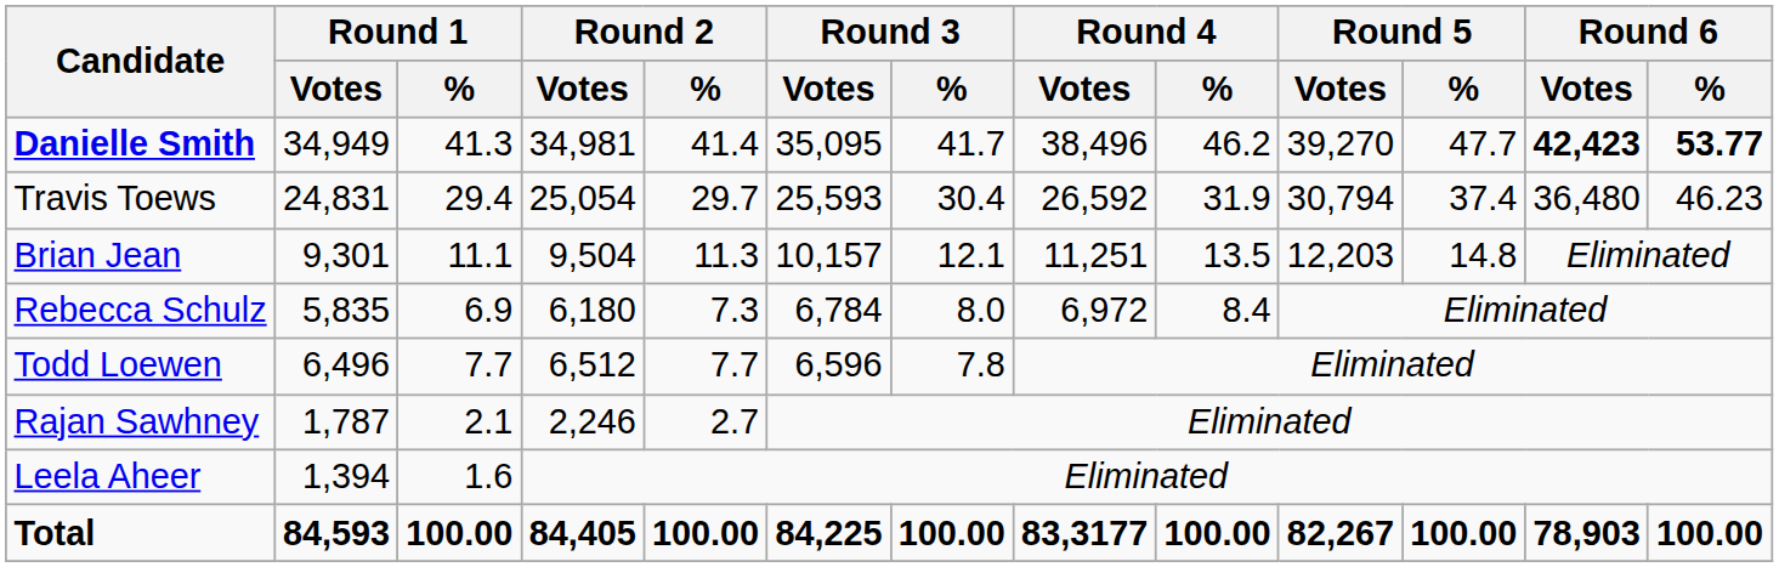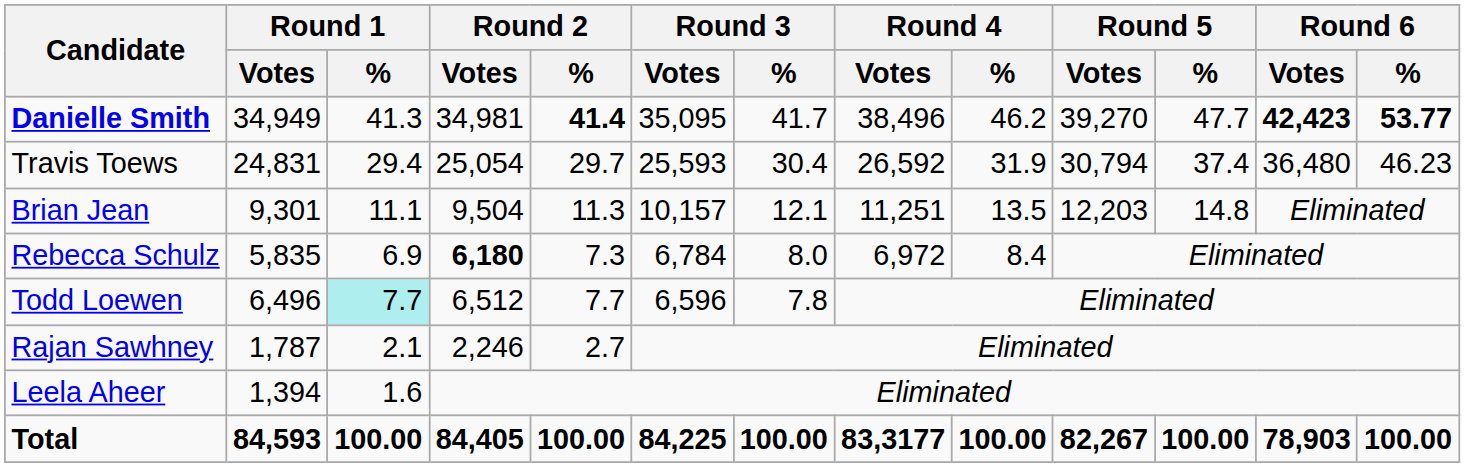 <table class="wikitable">
 <tr>
 <th rowspan=2>Candidate</th>
 <th colspan=2>Round 1</th>
 <th colspan=2>Round 2</th>
 <th colspan=2>Round 3</th>
 <th colspan=2>Round 4</th>
 <th colspan=2>Round 5</th>
 <th colspan=2>Round 6</th>
 </tr>
 <tr>
 <th>Votes</th>
 <th>%</th>
 <th>Votes</th>
 <th>%</th>
 <th>Votes</th>
 <th>%</th>
 <th>Votes</th>
 <th>%</th>
 <th>Votes</th>
 <th>%</th>
 <th>Votes</th>
 <th>%</th>
 </tr>
 <tr>
 <td><strong><a href='#'>Danielle Smith</a></strong></td>
 <td style="text-align:right">34,949</td>
 <td style="text-align:right">41.3</td>
 <td style="text-align:right">34,981</td>
-<td style="text-align:right">41.4</td>
+<td style="text-align:right"><strong>41.4</strong></td>
 <td style="text-align:right">35,095</td>
 <td style="text-align:right">41.7</td>
 <td style="text-align:right">38,496</td>
 <td style="text-align:right">46.2</td>
 <td style="text-align:right">39,270</td>
 <td style="text-align:right">47.7</td>
 <td style="text-align:right"><strong>42,423</strong></td>
 <td style="text-align:right"><strong>53.77</strong></td>
 </tr>
 <tr>
 <td>Travis Toews</td>
 <td style="text-align:right">24,831</td>
 <td style="text-align:right">29.4</td>
 <td style="text-align:right">25,054</td>
 <td style="text-align:right">29.7</td>
 <td style="text-align:right">25,593</td>
 <td style="text-align:right">30.4</td>
 <td style="text-align:right">26,592</td>
 <td style="text-align:right">31.9</td>
 <td style="text-align:right">30,794</td>
 <td style="text-align:right">37.4</td>
 <td style="text-align:right">36,480</td>
 <td style="text-align:right">46.23</td>
 </tr>
 <tr>
 <td><a href='#'>Brian Jean</a></td>
 <td style="text-align:right">9,301</td>
 <td style="text-align:right">11.1</td>
 <td style="text-align:right">9,504</td>
 <td style="text-align:right">11.3</td>
 <td style="text-align:right">10,157</td>
 <td style="text-align:right">12.1</td>
 <td style="text-align:right">11,251</td>
 <td style="text-align:right">13.5</td>
 <td style="text-align:right">12,203</td>
 <td style="text-align:right">14.8</td>
 <td colspan="2" style="text-align:center"><em>Eliminated</em></td>
 </tr>
 <tr>
 <td><a href='#'>Rebecca Schulz</a></td>
 <td style="text-align:right">5,835</td>
 <td style="text-align:right">6.9</td>
-<td style="text-align:right">6,180</td>
+<td style="text-align:right"><strong>6,180</strong></td>
 <td style="text-align:right">7.3</td>
 <td style="text-align:right">6,784</td>
 <td style="text-align:right">8.0</td>
 <td style="text-align:right">6,972</td>
 <td style="text-align:right">8.4</td>
 <td colspan="4" style="text-align:center"><em>Eliminated</em></td>
 </tr>
 <tr>
 <td><a href='#'>Todd Loewen</a></td>
 <td style="text-align:right">6,496</td>
-<td style="text-align:right">7.7</td>
+<td style="background: paleturquoise; text-align:right">7.7</td>
 <td style="text-align:right">6,512</td>
 <td style="text-align:right">7.7</td>
 <td style="text-align:right">6,596</td>
 <td style="text-align:right">7.8</td>
 <td colspan="6" style="text-align:center"><em>Eliminated</em></td>
 </tr>
 <tr>
 <td><a href='#'>Rajan Sawhney</a></td>
 <td style="text-align:right">1,787</td>
 <td style="text-align:right">2.1</td>
 <td style="text-align:right">2,246</td>
 <td style="text-align:right">2.7</td>
 <td colspan="8" style="text-align:center"><em>Eliminated</em></td>
 </tr>
 <tr>
 <td><a href='#'>Leela Aheer</a></td>
 <td style="text-align:right">1,394</td>
 <td style="text-align:right">1.6</td>
 <td colspan="10" style="text-align:center"><em>Eliminated</em></td>
 </tr>
 <tr>
 <td><strong>Total</strong></td>
 <td style="text-align:right"><strong>84,593</strong></td>
 <td style="text-align:right"><strong>100.00</strong></td>
 <td style="text-align:right"><strong>84,405</strong></td>
 <td style="text-align:right"><strong>100.00</strong></td>
 <td style="text-align:right"><strong>84,225</strong></td>
 <td style="text-align:right"><strong>100.00</strong></td>
 <td style="text-align:right"><strong>83,3177</strong></td>
 <td style="text-align:right"><strong>100.00</strong></td>
 <td style="text-align:right"><strong>82,267</strong></td>
 <td style="text-align:right"><strong>100.00</strong></td>
 <td style="text-align:right"><strong>78,903</strong></td>
 <td style="text-align:right"><strong>100.00</strong></td>
 </tr>
 </table>
